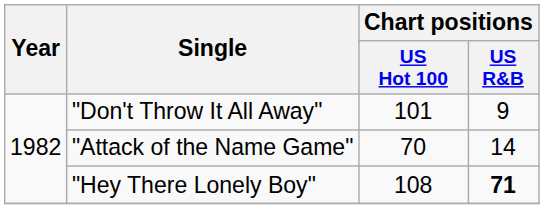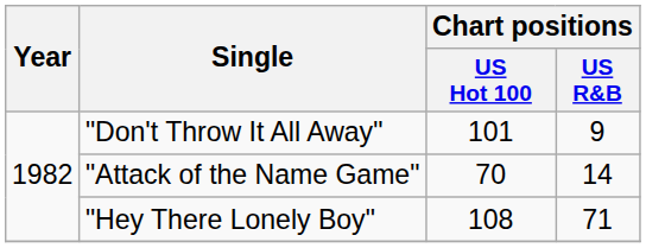 <table class="wikitable" style="text-align:center;">
 <tr>
 <th rowspan="2">Year</th>
 <th rowspan="2">Single</th>
 <th colspan="2">Chart positions</th>
 </tr>
 <tr style="font-size:smaller;">
 <th><a href='#'>US<br>Hot 100</a></th>
 <th><a href='#'>US<br>R&B</a></th>
 </tr>
 <tr>
 <td rowspan="3">1982</td>
 <td align="left">"Don't Throw It All Away"</td>
 <td>101</td>
 <td>9</td>
 </tr>
 <tr>
 <td align="left">"Attack of the Name Game"</td>
 <td>70</td>
 <td>14</td>
 </tr>
 <tr>
 <td align="left">"Hey There Lonely Boy"</td>
 <td>108</td>
-<td><strong>71</strong></td>
+<td>71</td>
 </tr>
 <tr>
 </tr>
 </table>
